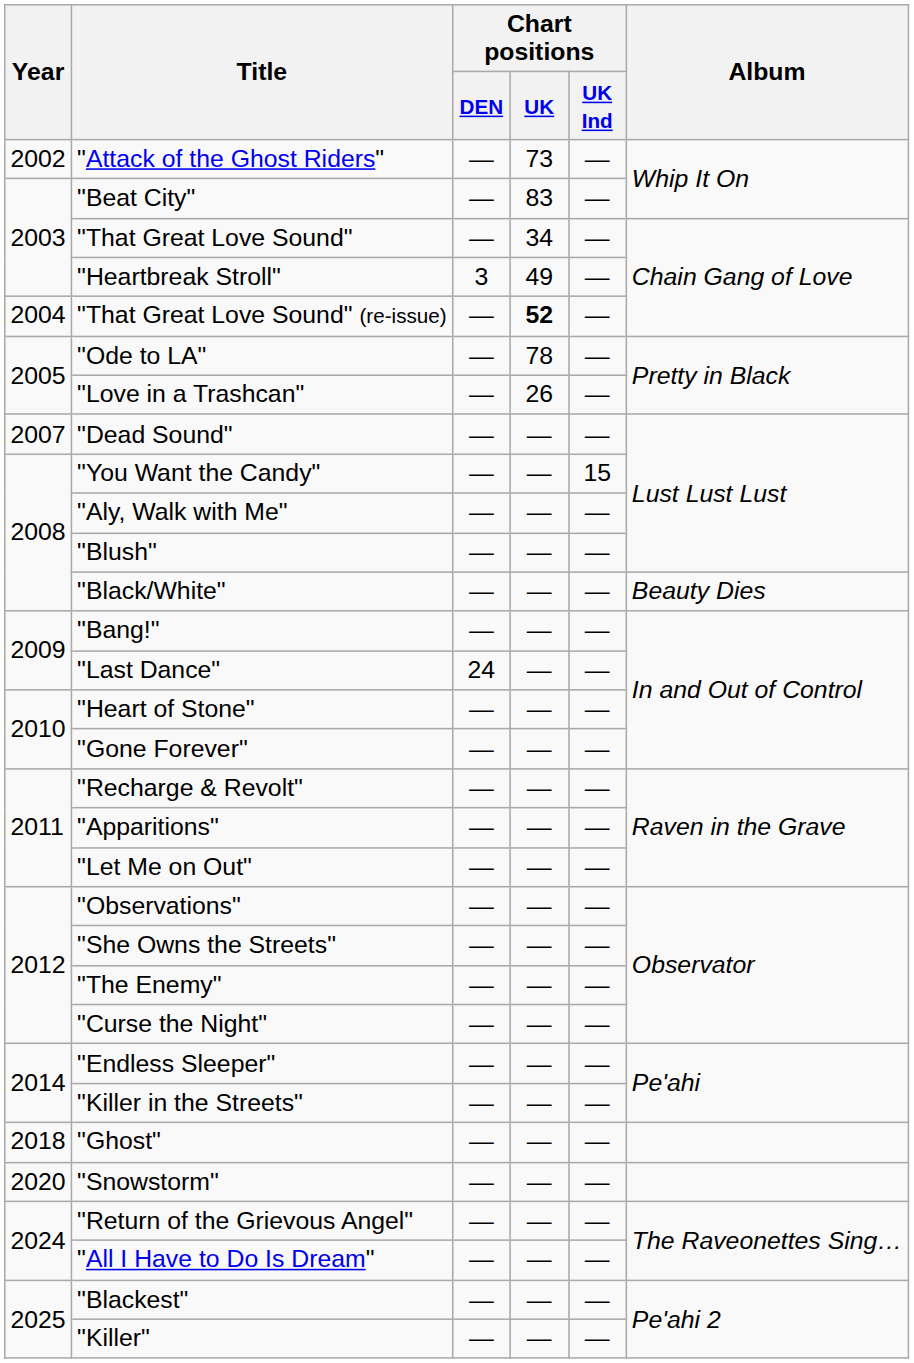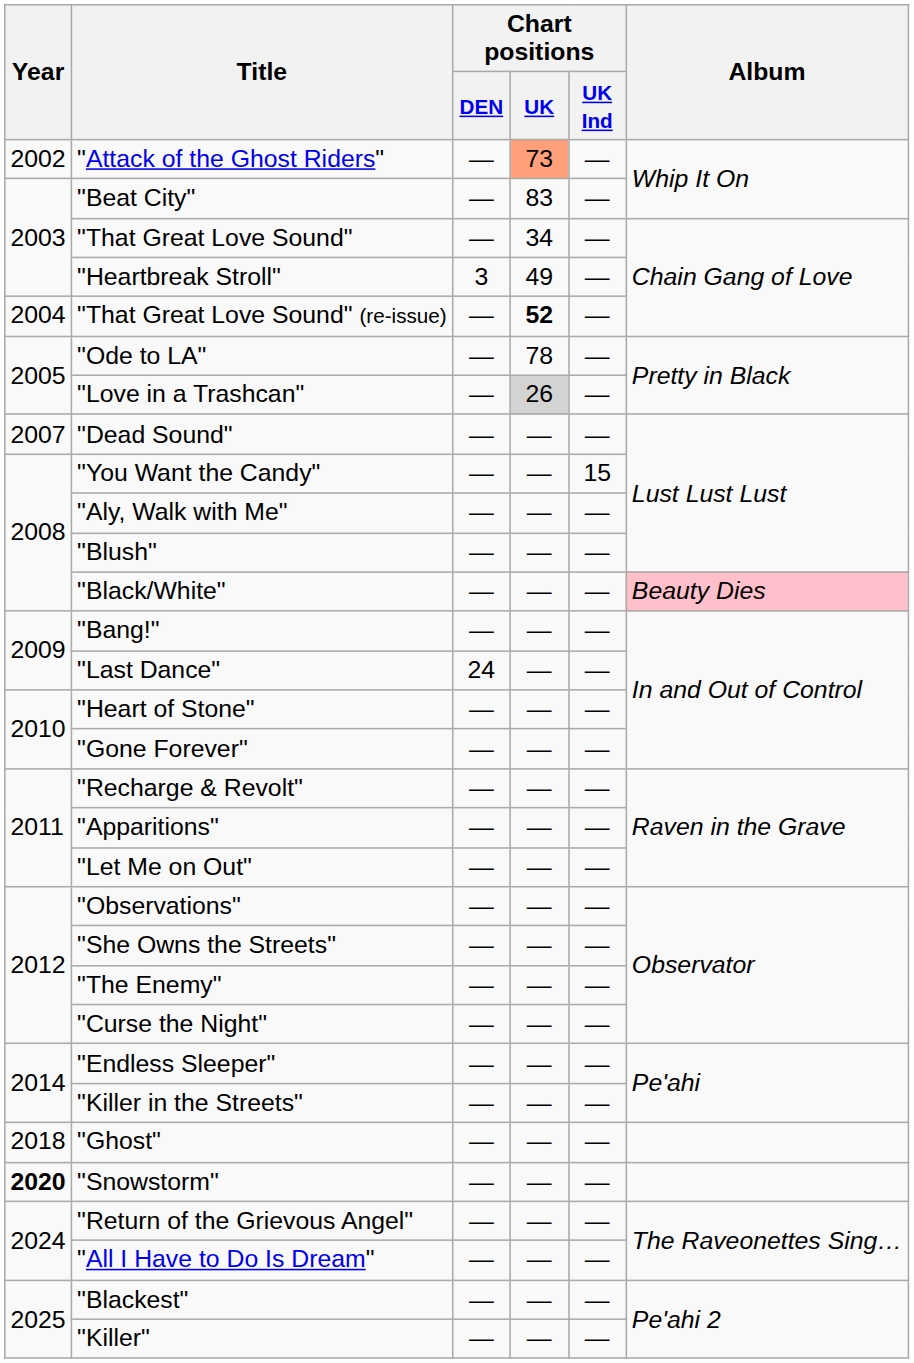 <table class="wikitable">
 <tr>
 <th rowspan="2">Year</th>
 <th rowspan="2">Title</th>
 <th colspan="3">Chart positions</th>
 <th rowspan="2">Album</th>
 </tr>
 <tr>
 <th style="width:30px;"><small><a href='#'>DEN</a></small><br></th>
 <th style="width:30px;"><small><a href='#'>UK</a></small><br></th>
 <th style="width:30px;"><small><a href='#'>UK Ind</a></small></th>
 </tr>
 <tr>
 <td>2002</td>
 <td>"<a href='#'>Attack of the Ghost Riders</a>"</td>
 <td style="text-align:center;">—</td>
-<td style="text-align:center;">73</td>
+<td style="background: lightsalmon; text-align:center;">73</td>
 <td style="text-align:center;">—</td>
 <td rowspan="2"><em>Whip It On</em></td>
 </tr>
 <tr>
 <td rowspan="3">2003</td>
 <td>"Beat City"</td>
 <td style="text-align:center;">—</td>
 <td style="text-align:center;">83</td>
 <td style="text-align:center;">—</td>
 </tr>
 <tr>
 <td>"That Great Love Sound"</td>
 <td style="text-align:center;">—</td>
 <td style="text-align:center;">34</td>
 <td style="text-align:center;">—</td>
 <td rowspan="3"><em>Chain Gang of Love</em></td>
 </tr>
 <tr>
 <td>"Heartbreak Stroll"</td>
 <td style="text-align:center;">3</td>
 <td style="text-align:center;">49</td>
 <td style="text-align:center;">—</td>
 </tr>
 <tr>
 <td>2004</td>
 <td>"That Great Love Sound" <small>(re-issue)</small></td>
 <td style="text-align:center;">—</td>
 <td style="text-align:center;"><strong>52</strong></td>
 <td style="text-align:center;">—</td>
 </tr>
 <tr>
 <td rowspan="2">2005</td>
 <td>"Ode to LA"</td>
 <td style="text-align:center;">—</td>
 <td style="text-align:center;">78</td>
 <td style="text-align:center;">—</td>
 <td rowspan="2"><em>Pretty in Black</em></td>
 </tr>
 <tr>
 <td>"Love in a Trashcan"</td>
 <td style="text-align:center;">—</td>
-<td style="text-align:center;">26</td>
+<td style="background: lightgrey; text-align:center;">26</td>
 <td style="text-align:center;">—</td>
 </tr>
 <tr>
 <td>2007</td>
 <td>"Dead Sound"</td>
 <td style="text-align:center;">—</td>
 <td style="text-align:center;">—</td>
 <td style="text-align:center;">—</td>
 <td rowspan="4"><em>Lust Lust Lust</em></td>
 </tr>
 <tr>
 <td rowspan="4">2008</td>
 <td>"You Want the Candy"</td>
 <td style="text-align:center;">—</td>
 <td style="text-align:center;">—</td>
 <td style="text-align:center;">15</td>
 </tr>
 <tr>
 <td>"Aly, Walk with Me"</td>
 <td style="text-align:center;">—</td>
 <td style="text-align:center;">—</td>
 <td style="text-align:center;">—</td>
 </tr>
 <tr>
 <td>"Blush"</td>
 <td style="text-align:center;">—</td>
 <td style="text-align:center;">—</td>
 <td style="text-align:center;">—</td>
 </tr>
 <tr>
 <td>"Black/White"</td>
 <td style="text-align:center;">—</td>
 <td style="text-align:center;">—</td>
 <td style="text-align:center;">—</td>
-<td><em>Beauty Dies</em></td>
+<td style="background: pink;"><em>Beauty Dies</em></td>
 </tr>
 <tr>
 <td rowspan="2">2009</td>
 <td>"Bang!"</td>
 <td style="text-align:center;">—</td>
 <td style="text-align:center;">—</td>
 <td style="text-align:center;">—</td>
 <td rowspan="4"><em>In and Out of Control</em></td>
 </tr>
 <tr>
 <td>"Last Dance"</td>
 <td style="text-align:center;">24</td>
 <td style="text-align:center;">—</td>
 <td style="text-align:center;">—</td>
 </tr>
 <tr>
 <td rowspan="2">2010</td>
 <td>"Heart of Stone"</td>
 <td style="text-align:center;">—</td>
 <td style="text-align:center;">—</td>
 <td style="text-align:center;">—</td>
 </tr>
 <tr>
 <td>"Gone Forever"</td>
 <td style="text-align:center;">—</td>
 <td style="text-align:center;">—</td>
 <td style="text-align:center;">—</td>
 </tr>
 <tr>
 <td rowspan="3">2011</td>
 <td>"Recharge & Revolt"</td>
 <td style="text-align:center;">—</td>
 <td style="text-align:center;">—</td>
 <td style="text-align:center;">—</td>
 <td rowspan="3"><em>Raven in the Grave</em></td>
 </tr>
 <tr>
 <td>"Apparitions"</td>
 <td style="text-align:center;">—</td>
 <td style="text-align:center;">—</td>
 <td style="text-align:center;">—</td>
 </tr>
 <tr>
 <td>"Let Me on Out"</td>
 <td style="text-align:center;">—</td>
 <td style="text-align:center;">—</td>
 <td style="text-align:center;">—</td>
 </tr>
 <tr>
 <td rowspan="4">2012</td>
 <td>"Observations"</td>
 <td style="text-align:center;">—</td>
 <td style="text-align:center;">—</td>
 <td style="text-align:center;">—</td>
 <td rowspan="4"><em>Observator</em></td>
 </tr>
 <tr>
 <td>"She Owns the Streets"</td>
 <td style="text-align:center;">—</td>
 <td style="text-align:center;">—</td>
 <td style="text-align:center;">—</td>
 </tr>
 <tr>
 <td>"The Enemy"</td>
 <td style="text-align:center;">—</td>
 <td style="text-align:center;">—</td>
 <td style="text-align:center;">—</td>
 </tr>
 <tr>
 <td>"Curse the Night"</td>
 <td style="text-align:center;">—</td>
 <td style="text-align:center;">—</td>
 <td style="text-align:center;">—</td>
 </tr>
 <tr>
 <td rowspan="2">2014</td>
 <td>"Endless Sleeper"</td>
 <td style="text-align:center;">—</td>
 <td style="text-align:center;">—</td>
 <td style="text-align:center;">—</td>
 <td rowspan="2"><em>Pe'ahi</em></td>
 </tr>
 <tr>
 <td>"Killer in the Streets"</td>
 <td style="text-align:center;">—</td>
 <td style="text-align:center;">—</td>
 <td style="text-align:center;">—</td>
 </tr>
 <tr>
 <td>2018</td>
 <td>"Ghost"</td>
 <td style="text-align:center;">—</td>
 <td style="text-align:center;">—</td>
 <td style="text-align:center;">—</td>
 <td></td>
 </tr>
 <tr>
-<td>2020</td>
+<td><strong>2020</strong></td>
 <td>"Snowstorm"</td>
 <td style="text-align:center;">—</td>
 <td style="text-align:center;">—</td>
 <td style="text-align:center;">—</td>
 <td></td>
 </tr>
 <tr>
 <td rowspan="2">2024</td>
 <td>"Return of the Grievous Angel"</td>
 <td style="text-align:center;">—</td>
 <td style="text-align:center;">—</td>
 <td style="text-align:center;">—</td>
 <td rowspan="2"><em>The Raveonettes Sing…</em></td>
 </tr>
 <tr>
 <td>"<a href='#'>All I Have to Do Is Dream</a>"</td>
 <td style="text-align:center;">—</td>
 <td style="text-align:center;">—</td>
 <td style="text-align:center;">—</td>
 </tr>
 <tr>
 <td rowspan="2">2025</td>
 <td>"Blackest"</td>
 <td style="text-align:center;">—</td>
 <td style="text-align:center;">—</td>
 <td style="text-align:center;">—</td>
 <td rowspan="2"><em>Pe'ahi 2</em></td>
 </tr>
 <tr>
 <td>"Killer"</td>
 <td style="text-align:center;">—</td>
 <td style="text-align:center;">—</td>
 <td style="text-align:center;">—</td>
 </tr>
 </table>
